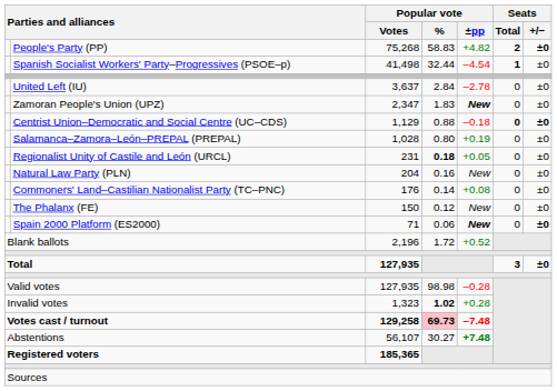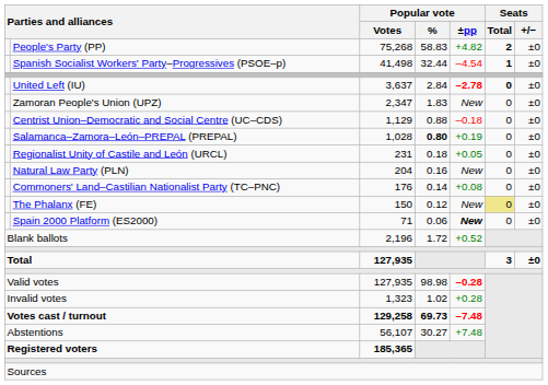 <table class="wikitable" style="text-align:right;">
 <tr>
 <th style="text-align:left;" rowspan="2" colspan="2" width="525">Parties and alliances</th>
 <th colspan="3">Popular vote</th>
 <th colspan="2">Seats</th>
 </tr>
 <tr>
 <th width="75">Votes</th>
 <th width="45">%</th>
 <th width="45">±<a href='#'>pp</a></th>
 <th width="35">Total</th>
 <th width="35">+/−</th>
 </tr>
 <tr>
 <td width="1" style="color:inherit;background:"></td>
 <td align="left"><a href='#'>People's Party</a> (PP)</td>
 <td>75,268</td>
 <td>58.83</td>
 <td style="color:green;">+4.82</td>
 <td><strong>2</strong></td>
-<td><strong>±0</strong></td>
+<td>±0</td>
 </tr>
 <tr>
 <td style="color:inherit;background:"></td>
 <td align="left"><a href='#'>Spanish Socialist Workers' Party</a>–<a href='#'>Progressives</a> (PSOE–p)</td>
 <td>41,498</td>
 <td>32.44</td>
 <td style="color:red;">–4.54</td>
 <td><strong>1</strong></td>
 <td>±0</td>
 </tr>
 <tr>
 <td colspan="7" bgcolor="#C0C0C0"></td>
 </tr>
 <tr>
 <td style="color:inherit;background:"></td>
 <td align="left"><a href='#'>United Left</a> (IU)</td>
 <td>3,637</td>
 <td>2.84</td>
-<td style="color:red;">–2.78</td>
-<td>0</td>
+<td style="color:red;"><strong>–2.78</strong></td>
+<td><strong>0</strong></td>
 <td>±0</td>
 </tr>
 <tr>
 <td style="color:inherit;background:"></td>
 <td align="left">Zamoran People's Union (UPZ)</td>
 <td>2,347</td>
 <td>1.83</td>
-<td><strong><em>New</em></strong></td>
+<td><em>New</em></td>
 <td>0</td>
 <td>±0</td>
 </tr>
 <tr>
 <td style="color:inherit;background:"></td>
 <td align="left"><a href='#'>Centrist Union–Democratic and Social Centre</a> (UC–CDS)</td>
 <td>1,129</td>
 <td>0.88</td>
 <td style="color:red;">–0.18</td>
-<td><strong>0</strong></td>
-<td><strong>±0</strong></td>
+<td>0</td>
+<td>±0</td>
 </tr>
 <tr>
 <td style="color:inherit;background:"></td>
 <td align="left"><a href='#'>Salamanca–Zamora–León–PREPAL</a> (PREPAL)</td>
 <td>1,028</td>
-<td>0.80</td>
+<td><strong>0.80</strong></td>
 <td style="color:green;">+0.19</td>
 <td>0</td>
 <td>±0</td>
 </tr>
 <tr>
 <td style="color:inherit;background:"></td>
 <td align="left"><a href='#'>Regionalist Unity of Castile and León</a> (URCL)</td>
 <td>231</td>
-<td><strong>0.18</strong></td>
+<td>0.18</td>
 <td style="color:green;">+0.05</td>
 <td>0</td>
 <td>±0</td>
 </tr>
 <tr>
 <td style="color:inherit;background:"></td>
 <td align="left"><a href='#'>Natural Law Party</a> (PLN)</td>
 <td>204</td>
 <td>0.16</td>
 <td><em>New</em></td>
 <td>0</td>
 <td>±0</td>
 </tr>
 <tr>
 <td style="color:inherit;background:"></td>
 <td align="left"><a href='#'>Commoners' Land–Castilian Nationalist Party</a> (TC–PNC)</td>
 <td>176</td>
 <td>0.14</td>
 <td style="color:green;">+0.08</td>
 <td>0</td>
 <td>±0</td>
 </tr>
 <tr>
 <td style="color:inherit;background:"></td>
 <td align="left"><a href='#'>The Phalanx</a> (FE)</td>
 <td>150</td>
 <td>0.12</td>
 <td><em>New</em></td>
-<td>0</td>
+<td style="background: khaki;">0</td>
 <td>±0</td>
 </tr>
 <tr>
 <td style="color:inherit;background:"></td>
 <td align="left"><a href='#'>Spain 2000 Platform</a> (ES2000)</td>
 <td>71</td>
 <td>0.06</td>
 <td><strong><em>New</em></strong></td>
 <td>0</td>
-<td><strong>±0</strong></td>
+<td>±0</td>
 </tr>
 <tr>
 <td align="left" colspan="2">Blank ballots</td>
 <td>2,196</td>
 <td>1.72</td>
 <td style="color:green;">+0.52</td>
 <td bgcolor="#E9E9E9" colspan="2"></td>
 </tr>
 <tr>
 <td colspan="7" bgcolor="#E9E9E9"></td>
 </tr>
 <tr style="font-weight:bold;">
 <td align="left" colspan="2">Total</td>
 <td>127,935</td>
 <td bgcolor="#E9E9E9" colspan="2"></td>
 <td>3</td>
 <td>±0</td>
 </tr>
 <tr>
 <td colspan="7" bgcolor="#E9E9E9"></td>
 </tr>
 <tr>
 <td align="left" colspan="2">Valid votes</td>
 <td>127,935</td>
 <td>98.98</td>
-<td style="color:red;">–0.28</td>
+<td style="color:red;"><strong>–0.28</strong></td>
 <td bgcolor="#E9E9E9" colspan="2" rowspan="5"></td>
 </tr>
 <tr>
 <td align="left" colspan="2">Invalid votes</td>
 <td>1,323</td>
-<td><strong>1.02</strong></td>
+<td>1.02</td>
 <td style="color:green;">+0.28</td>
 </tr>
 <tr style="font-weight:bold;">
 <td align="left" colspan="2">Votes cast / turnout</td>
 <td>129,258</td>
-<td style="background: pink;">69.73</td>
+<td>69.73</td>
 <td style="color:red;">–7.48</td>
 </tr>
 <tr>
 <td align="left" colspan="2">Abstentions</td>
 <td>56,107</td>
 <td>30.27</td>
-<td style="color:green;"><strong>+7.48</strong></td>
+<td style="color:green;">+7.48</td>
 </tr>
 <tr style="font-weight:bold;">
 <td align="left" colspan="2">Registered voters</td>
 <td>185,365</td>
 <td bgcolor="#E9E9E9" colspan="2"></td>
 </tr>
 <tr>
 <td colspan="7" bgcolor="#E9E9E9"></td>
 </tr>
 <tr>
 <td align="left" colspan="7">Sources</td>
 </tr>
 </table>
